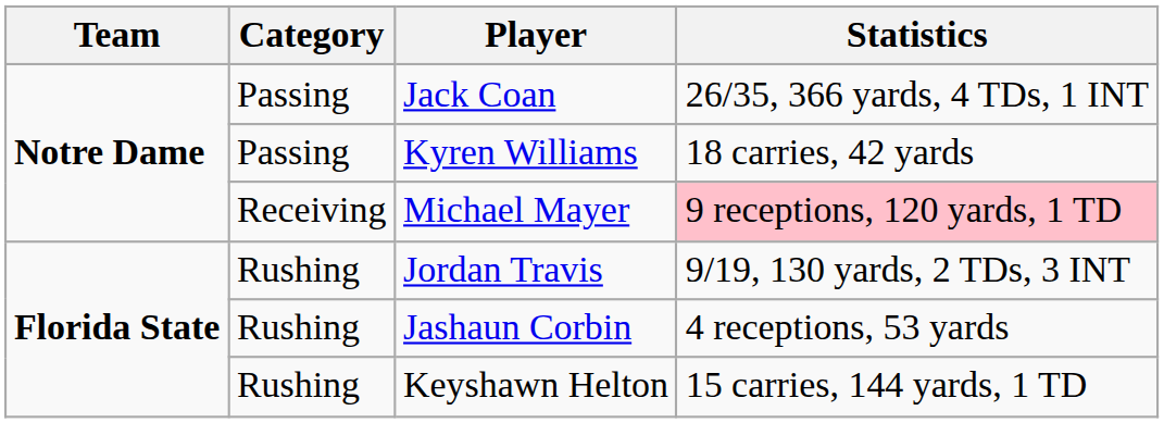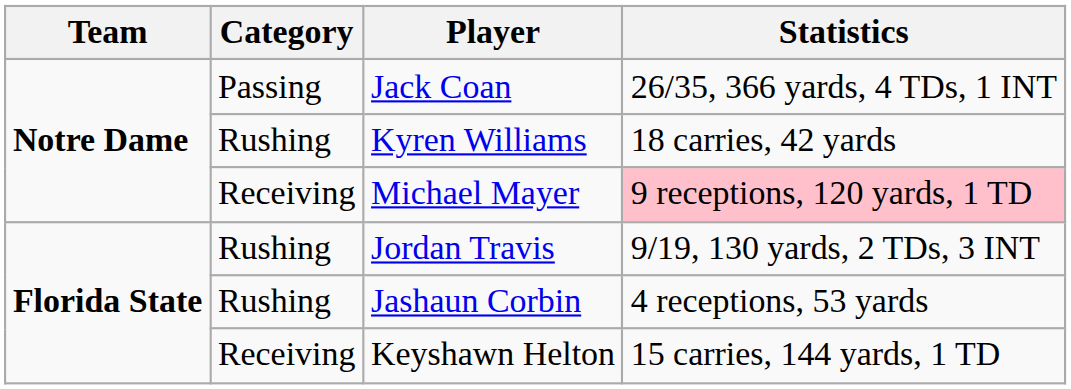 <table class="wikitable" style="float: left;">
 <tr>
 <th>Team</th>
 <th>Category</th>
 <th>Player</th>
 <th>Statistics</th>
 </tr>
 <tr>
 <td rowspan=3><strong>Notre Dame</strong></td>
 <td>Passing</td>
 <td><a href='#'>Jack Coan</a></td>
 <td>26/35, 366 yards, 4 TDs, 1 INT</td>
 </tr>
 <tr>
-<td>Passing</td>
+<td>Rushing</td>
 <td><a href='#'>Kyren Williams</a></td>
 <td>18 carries, 42 yards</td>
 </tr>
 <tr>
 <td>Receiving</td>
 <td><a href='#'>Michael Mayer</a></td>
 <td style="background: pink;">9 receptions, 120 yards, 1 TD</td>
 </tr>
 <tr>
 <td rowspan=3><strong>Florida State</strong></td>
 <td>Rushing</td>
 <td><a href='#'>Jordan Travis</a></td>
 <td>9/19, 130 yards, 2 TDs, 3 INT</td>
 </tr>
 <tr>
 <td>Rushing</td>
 <td><a href='#'>Jashaun Corbin</a></td>
 <td>4 receptions, 53 yards</td>
 </tr>
 <tr>
-<td>Rushing</td>
+<td>Receiving</td>
 <td>Keyshawn Helton</td>
 <td>15 carries, 144 yards, 1 TD</td>
 </tr>
 </table>
